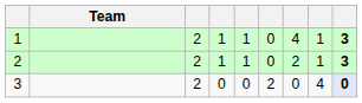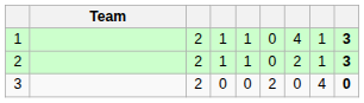 <table class="wikitable" style="text-align:center">
 <tr>
 <th width=20></th>
 <th width=165>Team</th>
 <th width=20></th>
 <th width=20></th>
 <th width=20></th>
 <th width=20></th>
 <th width=20></th>
 <th width=20></th>
 <th width=20></th>
 </tr>
 <tr style="background:#cfc;">
 <td>1</td>
 <td style="text-align:left;"></td>
 <td>2</td>
 <td>1</td>
 <td>1</td>
 <td>0</td>
 <td>4</td>
 <td>1</td>
 <td><strong>3</strong></td>
 </tr>
 <tr style="background:#cfc;">
 <td>2</td>
 <td style="text-align:left;"></td>
 <td>2</td>
 <td>1</td>
 <td>1</td>
 <td>0</td>
 <td>2</td>
 <td>1</td>
 <td><strong>3</strong></td>
 </tr>
 <tr>
 <td>3</td>
 <td style="text-align:left;"></td>
 <td>2</td>
 <td>0</td>
 <td>0</td>
 <td>2</td>
 <td>0</td>
 <td>4</td>
-<td style="background: lavender;"><strong>0</strong></td>
+<td><strong>0</strong></td>
 </tr>
 </table>
